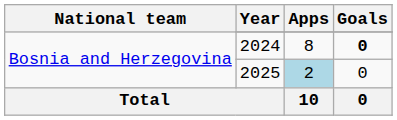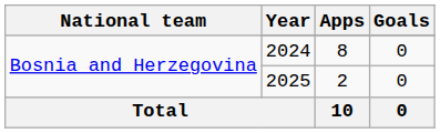 <table class="wikitable" style="text-align:center">
 <tr>
 <th>National team</th>
 <th>Year</th>
 <th>Apps</th>
 <th>Goals</th>
 </tr>
 <tr>
 <td rowspan=3><a href='#'>Bosnia and Herzegovina</a></td>
 </tr>
 <tr>
 <td>2024</td>
 <td>8</td>
-<td><strong>0</strong></td>
+<td>0</td>
 </tr>
 <tr>
 <td>2025</td>
-<td style="background: lightblue;">2</td>
+<td>2</td>
 <td>0</td>
 </tr>
 <tr>
 <th colspan=2>Total</th>
 <th>10</th>
 <th>0</th>
 </tr>
 </table>
